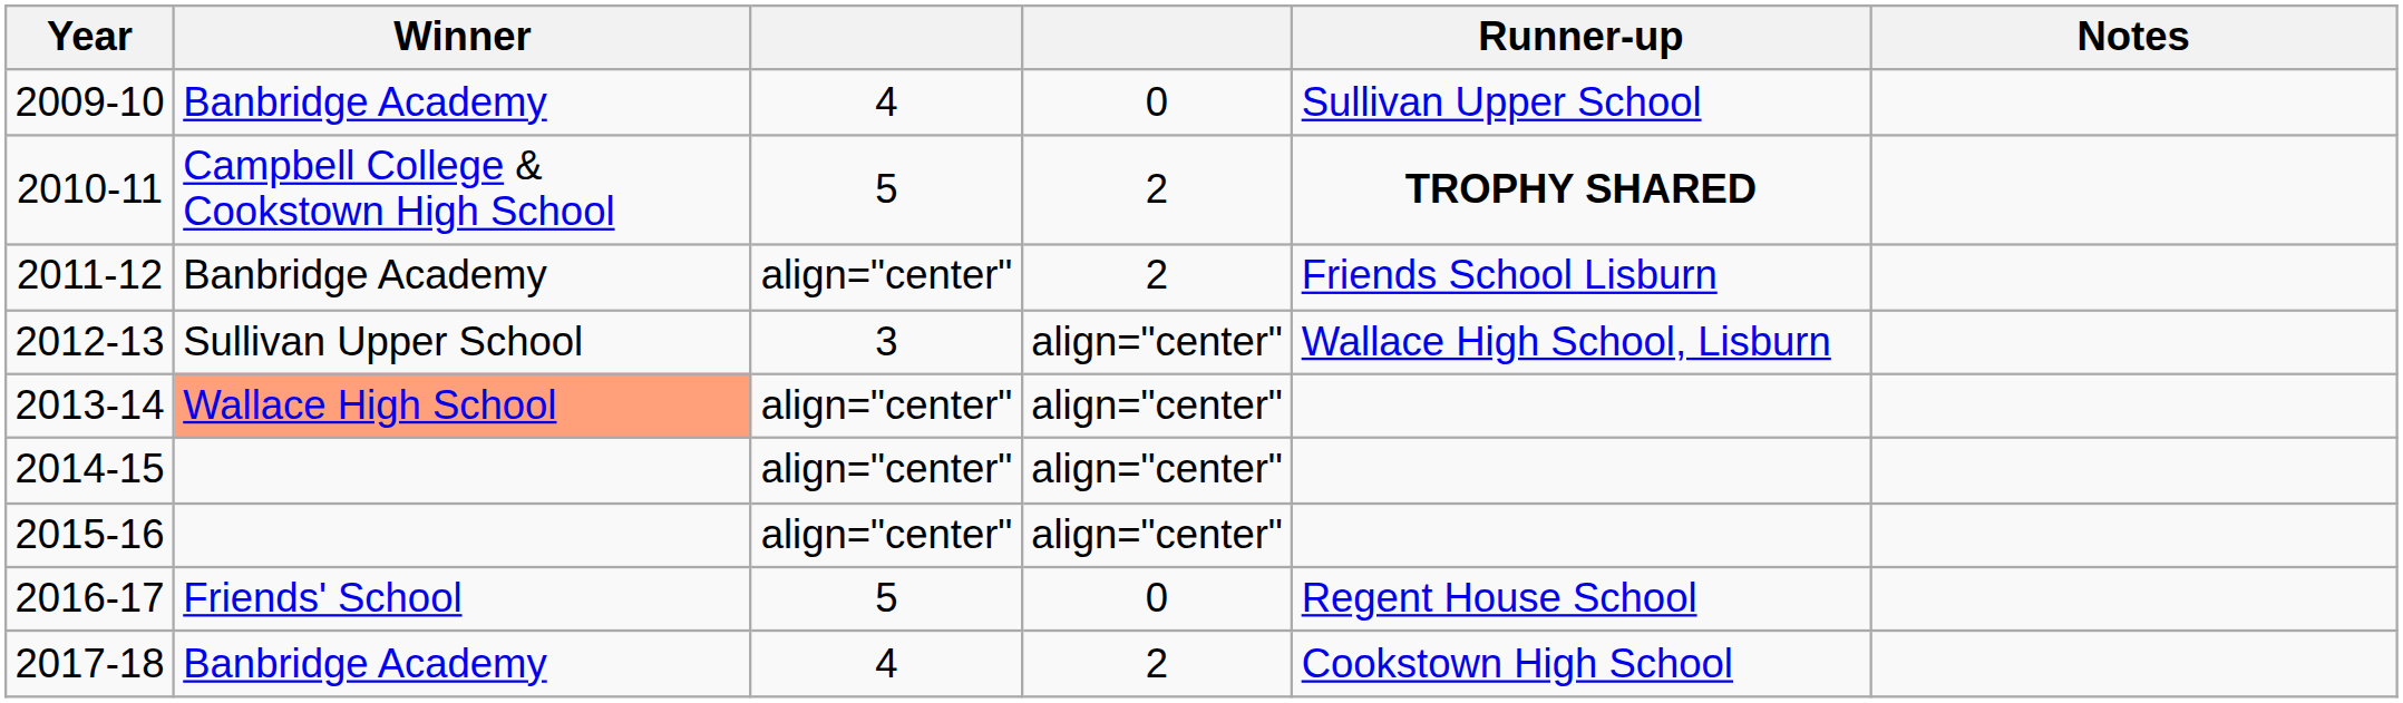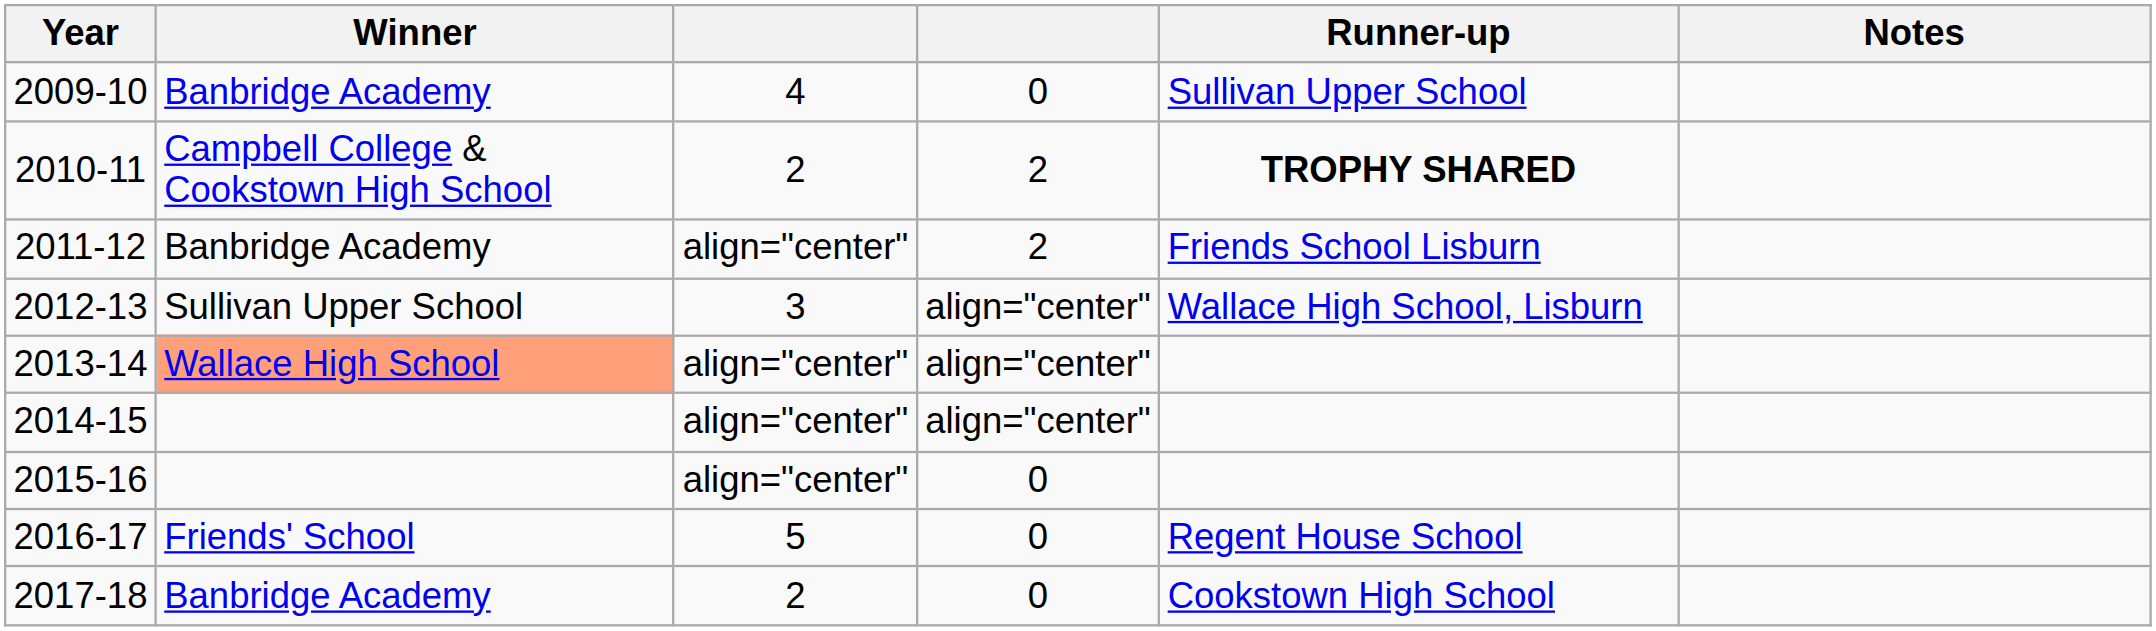 <table class="wikitable">
 <tr>
 <th>Year</th>
 <th>Winner</th>
 <th></th>
 <th></th>
 <th>Runner-up</th>
 <th width="200">Notes</th>
 </tr>
 <tr>
 <td align="center">2009-10</td>
 <td width="220"><a href='#'>Banbridge Academy</a></td>
 <td align="center">4</td>
 <td align="center">0</td>
 <td width="220"><a href='#'>Sullivan Upper School</a></td>
 <td></td>
 </tr>
 <tr>
 <td align="center">2010-11</td>
 <td><a href='#'>Campbell College</a> &<br><a href='#'>Cookstown High School</a></td>
-<td align="center">5</td>
+<td align="center">2</td>
 <td align="center">2</td>
 <td align="center"><strong>TROPHY SHARED</strong></td>
 <td></td>
 </tr>
 <tr>
 <td align="center">2011-12</td>
 <td>Banbridge Academy</td>
 <td>align="center"</td>
 <td align="center">2</td>
 <td><a href='#'>Friends School Lisburn</a></td>
 <td></td>
 </tr>
 <tr>
 <td align="center">2012-13</td>
 <td>Sullivan Upper School</td>
 <td align="center">3</td>
 <td>align="center"</td>
 <td><a href='#'>Wallace High School, Lisburn</a></td>
 <td></td>
 </tr>
 <tr>
 <td align="center">2013-14</td>
 <td style="background: lightsalmon;"><a href='#'>Wallace High School</a></td>
 <td>align="center"</td>
 <td>align="center"</td>
 <td></td>
 <td></td>
 </tr>
 <tr>
 <td align="center">2014-15</td>
 <td></td>
 <td>align="center"</td>
 <td>align="center"</td>
 <td></td>
 <td></td>
 </tr>
 <tr>
 <td align="center">2015-16</td>
 <td></td>
 <td>align="center"</td>
-<td>align="center"</td>
+<td align="center">0</td>
 <td></td>
 <td></td>
 </tr>
 <tr>
 <td align="center">2016-17</td>
 <td><a href='#'>Friends' School</a></td>
 <td align="center">5</td>
 <td align="center">0</td>
 <td><a href='#'>Regent House School</a></td>
 <td></td>
 </tr>
 <tr>
 <td align="center">2017-18</td>
 <td><a href='#'>Banbridge Academy</a></td>
-<td align="center">4</td>
 <td align="center">2</td>
+<td align="center">0</td>
 <td><a href='#'>Cookstown High School</a></td>
 <td></td>
 </tr>
 </table>
